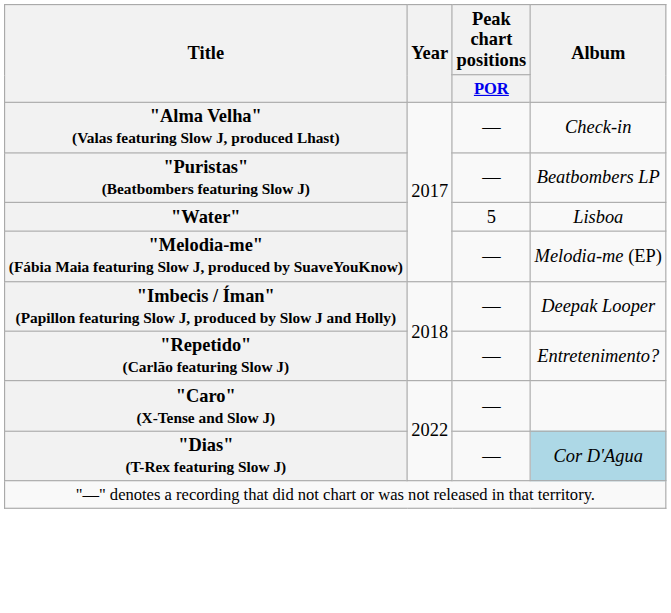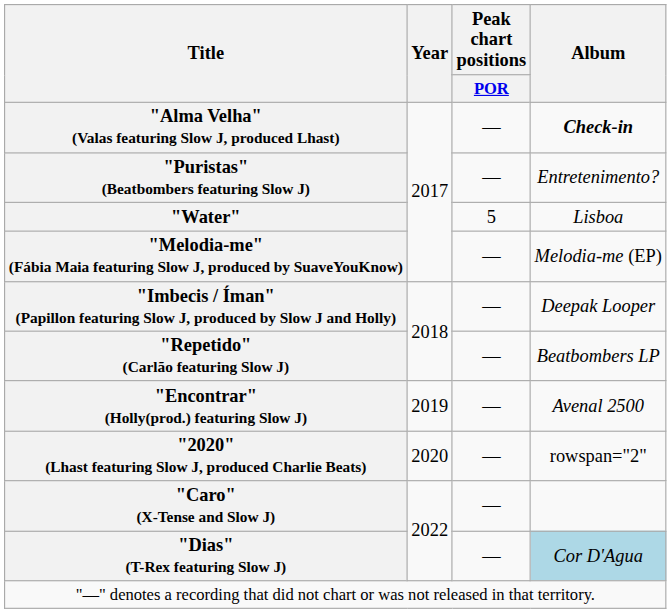 <table class="wikitable plainrowheaders" style="text-align:center;">
 <tr>
 <th scope="col" rowspan="2">Title</th>
 <th scope="col" rowspan="2">Year</th>
 <th scope="col">Peak chart positions</th>
 <th scope="col" rowspan="2">Album</th>
 </tr>
 <tr>
 <th scope="col" style="width:2.5em;font-size:90%;"><a href='#'>POR</a><br></th>
 </tr>
 <tr>
 <th scope="row">"Alma Velha"<br><small>(Valas featuring Slow J, produced Lhast)</small></th>
 <td rowspan="4">2017</td>
 <td>—</td>
-<td><em>Check-in</em></td>
+<td><strong><em>Check-in</em></strong></td>
 </tr>
 <tr>
 <th scope="row">"Puristas"<br><small>(Beatbombers featuring Slow J)</small></th>
 <td>—</td>
-<td><em>Beatbombers LP</em></td>
+<td><em>Entretenimento?</em></td>
 </tr>
 <tr>
 <th scope="row">"Water"<br></th>
 <td>5</td>
 <td><em>Lisboa</em></td>
 </tr>
 <tr>
 <th scope="row">"Melodia-me"<br><small>(Fábia Maia featuring Slow J, produced by SuaveYouKnow)</small></th>
 <td>—</td>
 <td><em>Melodia-me</em> (EP)</td>
 </tr>
 <tr>
 <th scope="row">"Imbecis / Íman"<br><small>(Papillon featuring Slow J, produced by Slow J and Holly)</small></th>
 <td rowspan="2">2018</td>
 <td>—</td>
 <td><em>Deepak Looper</em></td>
 </tr>
 <tr>
 <th scope="row">"Repetido"<br><small>(Carlão featuring Slow J)</small></th>
 <td>—</td>
-<td><em>Entretenimento?</em></td>
+<td><em>Beatbombers LP</em></td>
+</tr>
+<tr>
+<th scope="row">"Encontrar"<br><small>(Holly(prod.) featuring Slow J)</small></th>
+<td>2019</td>
+<td>—</td>
+<td><em>Avenal 2500</em></td>
+</tr>
+<tr>
+<th scope="row">"2020"<br><small>(Lhast featuring Slow J, produced Charlie Beats)</small></th>
+<td>2020</td>
+<td>—</td>
+<td>rowspan="2" </td>
 </tr>
 <tr>
 <th scope="row">"Caro"<br><small>(X-Tense and Slow J)</small></th>
 <td rowspan="2">2022</td>
 <td>—</td>
 </tr>
 <tr>
 <th scope="row">"Dias"<br><small>(T-Rex featuring Slow J)</small></th>
 <td>—</td>
 <td style="background: lightblue;"><em>Cor D'Agua</em></td>
 </tr>
 <tr>
 <td colspan="4" style="font-size:90%">"—" denotes a recording that did not chart or was not released in that territory.</td>
 </tr>
 </table>
